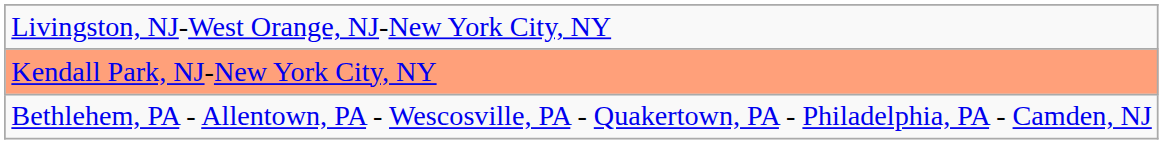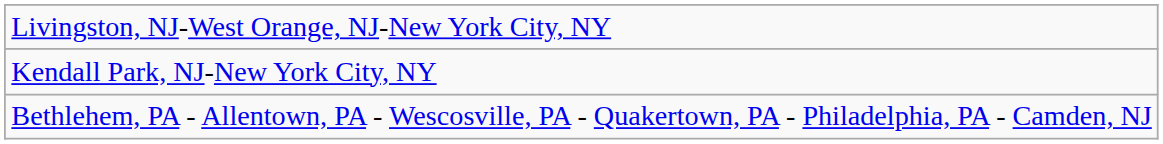 <table class="wikitable">
 <tr>
 <td><a href='#'>Livingston, NJ</a>-<a href='#'>West Orange, NJ</a>-<a href='#'>New York City, NY</a></td>
 </tr>
 <tr>
-<td style="background: lightsalmon;"><a href='#'>Kendall Park, NJ</a>-<a href='#'>New York City, NY</a></td>
+<td><a href='#'>Kendall Park, NJ</a>-<a href='#'>New York City, NY</a></td>
 </tr>
 <tr>
 <td><a href='#'>Bethlehem, PA</a> - <a href='#'>Allentown, PA</a> - <a href='#'>Wescosville, PA</a> - <a href='#'>Quakertown, PA</a> - <a href='#'>Philadelphia, PA</a> - <a href='#'>Camden, NJ</a></td>
 </tr>
 </table>
